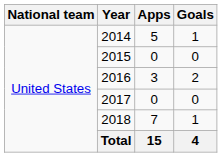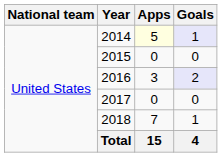 <table class="wikitable" style="text-align:center">
 <tr>
 <th>National team</th>
 <th>Year</th>
 <th>Apps</th>
 <th>Goals</th>
 </tr>
 <tr>
 <td rowspan="6"><a href='#'>United States</a></td>
 <td>2014</td>
-<td>5</td>
-<td>1</td>
+<td style="background: lightyellow;">5</td>
+<td style="background: lavender;">1</td>
 </tr>
 <tr>
 <td>2015</td>
 <td>0</td>
 <td>0</td>
 </tr>
 <tr>
 <td>2016</td>
 <td>3</td>
-<td>2</td>
+<td style="background: lavender;">2</td>
 </tr>
 <tr>
 <td>2017</td>
 <td>0</td>
 <td>0</td>
 </tr>
 <tr>
 <td>2018</td>
 <td>7</td>
 <td>1</td>
 </tr>
 <tr>
 <th>Total</th>
 <th>15</th>
 <th>4</th>
 </tr>
 </table>
